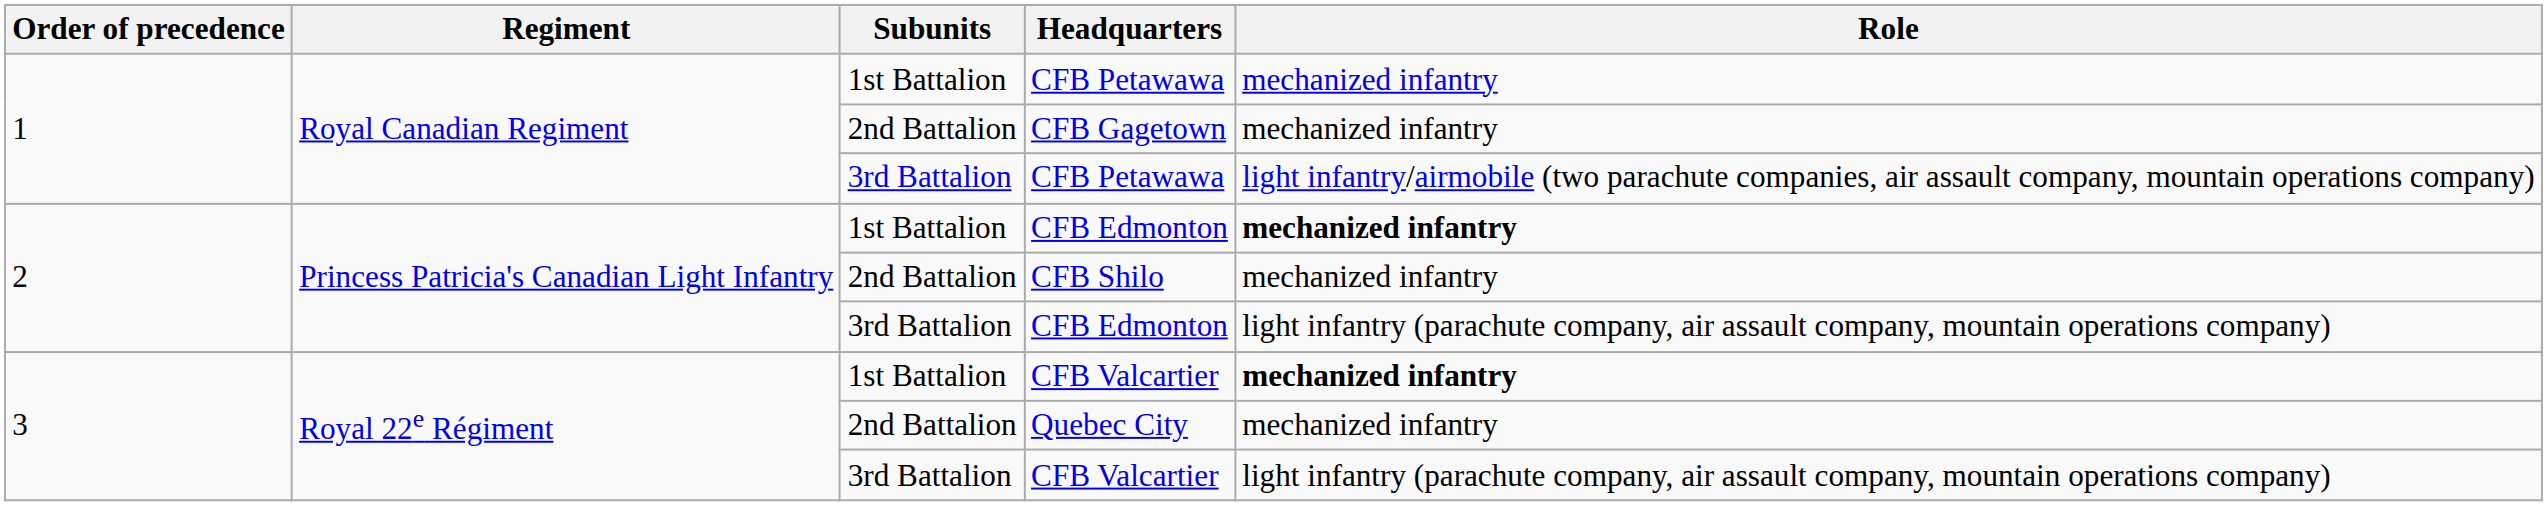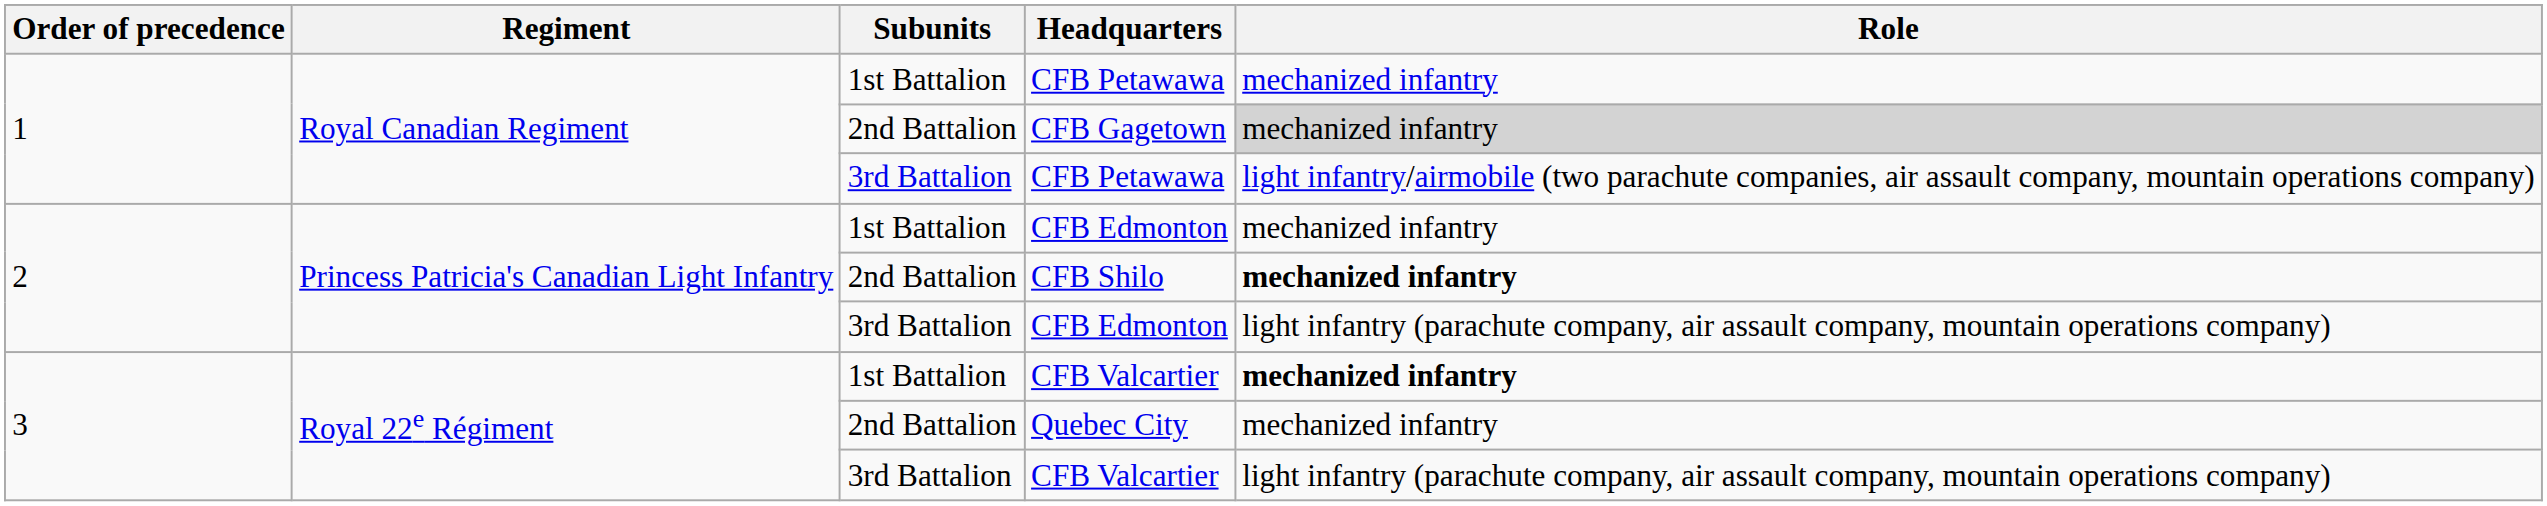 <table class="wikitable">
 <tr>
 <th scope=col>Order of precedence</th>
 <th scope=col>Regiment</th>
 <th scope=col>Subunits</th>
 <th scope=col>Headquarters</th>
 <th scope=col>Role</th>
 </tr>
 <tr>
 <td rowspan="3">1</td>
 <td rowspan="3"><a href='#'>Royal Canadian Regiment</a></td>
 <td>1st Battalion</td>
 <td><a href='#'>CFB Petawawa</a></td>
 <td><a href='#'>mechanized infantry</a></td>
 </tr>
 <tr>
 <td>2nd Battalion</td>
 <td><a href='#'>CFB Gagetown</a></td>
-<td>mechanized infantry</td>
+<td style="background: lightgrey;">mechanized infantry</td>
 </tr>
 <tr>
 <td><a href='#'>3rd Battalion</a></td>
 <td><a href='#'>CFB Petawawa</a></td>
 <td><a href='#'>light infantry</a>/<a href='#'>airmobile</a> (two parachute companies, air assault company, mountain operations company)</td>
 </tr>
 <tr>
 <td rowspan="3">2</td>
 <td rowspan="3"><a href='#'>Princess Patricia's Canadian Light Infantry</a></td>
 <td>1st Battalion</td>
 <td><a href='#'>CFB Edmonton</a></td>
-<td><strong>mechanized infantry</strong></td>
+<td>mechanized infantry</td>
 </tr>
 <tr>
 <td>2nd Battalion</td>
 <td><a href='#'>CFB Shilo</a></td>
-<td>mechanized infantry</td>
+<td><strong>mechanized infantry</strong></td>
 </tr>
 <tr>
 <td>3rd Battalion</td>
 <td><a href='#'>CFB Edmonton</a></td>
 <td>light infantry (parachute company, air assault company, mountain operations company)</td>
 </tr>
 <tr>
 <td rowspan="3">3</td>
 <td rowspan="3"><a href='#'>Royal 22<sup>e</sup> Régiment</a></td>
 <td>1st Battalion</td>
 <td><a href='#'>CFB Valcartier</a></td>
 <td><strong>mechanized infantry</strong></td>
 </tr>
 <tr>
 <td>2nd Battalion</td>
 <td><a href='#'>Quebec City</a></td>
 <td>mechanized infantry</td>
 </tr>
 <tr>
 <td>3rd Battalion</td>
 <td><a href='#'>CFB Valcartier</a></td>
 <td>light infantry (parachute company, air assault company, mountain operations company)</td>
 </tr>
 </table>
